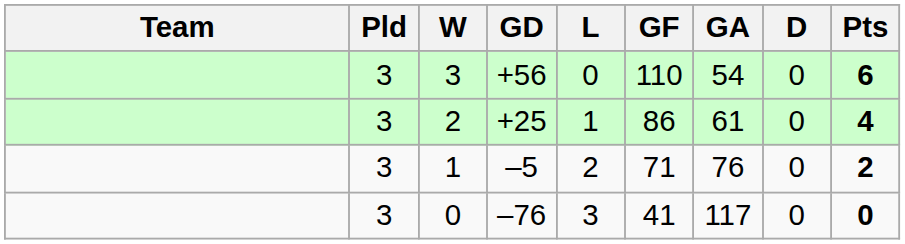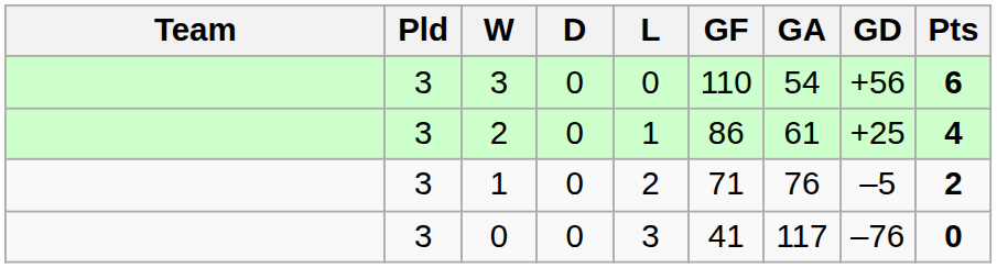 <table class="wikitable" style="text-align: center;">
 <tr>
 <th width="180">Team</th>
 <th width="30">Pld</th>
 <th width="30">W</th>
-<th width="30">GD</th>
+<th width="30">D</th>
 <th width="30">L</th>
 <th width="30">GF</th>
 <th width="30">GA</th>
-<th width="30">D</th>
+<th width="30">GD</th>
 <th width="30">Pts</th>
 </tr>
 <tr bgcolor=#CCFFCC>
 <td align="left"></td>
 <td>3</td>
 <td>3</td>
-<td>+56</td>
+<td>0</td>
 <td>0</td>
 <td>110</td>
 <td>54</td>
-<td>0</td>
+<td>+56</td>
 <td><strong>6</strong></td>
 </tr>
 <tr bgcolor=#CCFFCC>
 <td align="left"></td>
 <td>3</td>
 <td>2</td>
-<td>+25</td>
+<td>0</td>
 <td>1</td>
 <td>86</td>
 <td>61</td>
-<td>0</td>
+<td>+25</td>
 <td><strong>4</strong></td>
 </tr>
 <tr>
 <td align="left"></td>
 <td>3</td>
 <td>1</td>
-<td>–5</td>
+<td>0</td>
 <td>2</td>
 <td>71</td>
 <td>76</td>
-<td>0</td>
+<td>–5</td>
 <td><strong>2</strong></td>
 </tr>
 <tr>
 <td align="left"></td>
 <td>3</td>
 <td>0</td>
-<td>–76</td>
+<td>0</td>
 <td>3</td>
 <td>41</td>
 <td>117</td>
-<td>0</td>
+<td>–76</td>
 <td><strong>0</strong></td>
 </tr>
 </table>
